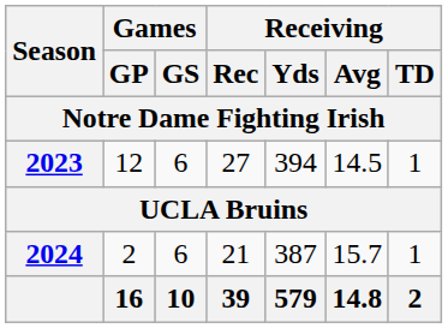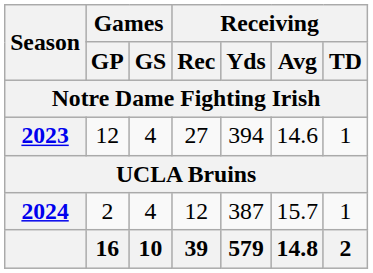 <table class="wikitable" style="text-align:center">
 <tr>
 <th rowspan="2">Season</th>
 <th colspan="2">Games</th>
 <th colspan="4">Receiving</th>
 </tr>
 <tr>
 <th>GP</th>
 <th>GS</th>
 <th>Rec</th>
 <th>Yds</th>
 <th>Avg</th>
 <th>TD</th>
 </tr>
 <tr>
 <th colspan="7">Notre Dame Fighting Irish</th>
 </tr>
 <tr>
 <th><a href='#'>2023</a></th>
 <td>12</td>
-<td>6</td>
+<td>4</td>
 <td>27</td>
 <td>394</td>
-<td>14.5</td>
+<td>14.6</td>
 <td>1</td>
 </tr>
 <tr>
 <th colspan="7">UCLA Bruins</th>
 </tr>
 <tr>
 <th><a href='#'>2024</a></th>
 <td>2</td>
-<td>6</td>
-<td>21</td>
+<td>4</td>
+<td>12</td>
 <td>387</td>
 <td>15.7</td>
 <td>1</td>
 </tr>
 <tr>
 <th></th>
 <th>16</th>
 <th>10</th>
 <th>39</th>
 <th>579</th>
 <th>14.8</th>
 <th>2</th>
 </tr>
 </table>
